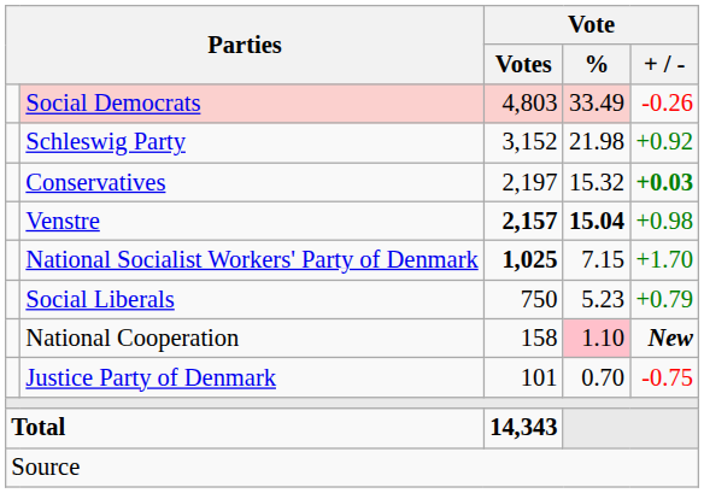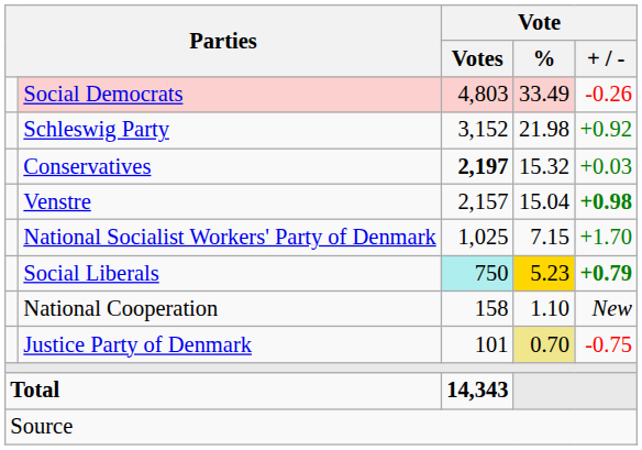 <table class="wikitable" style="text-align:right;">
 <tr>
 <th style="text-align:centre;" rowspan="2" colspan="2" width="225">Parties</th>
 <th colspan="3">Vote</th>
 </tr>
 <tr>
 <th width="15">Votes</th>
 <th width="15">%</th>
 <th width="15">+ / -</th>
 </tr>
 <tr>
 <td width="2" style="color:inherit;background:"></td>
 <td bgcolor=#fbd0ce  align="left"><a href='#'>Social Democrats</a></td>
 <td bgcolor=#fbd0ce>4,803</td>
 <td bgcolor=#fbd0ce>33.49</td>
 <td style=color:red;>-0.26</td>
 </tr>
 <tr>
 <td width="2" style="color:inherit;background:"></td>
 <td align="left"><a href='#'>Schleswig Party</a></td>
 <td>3,152</td>
 <td>21.98</td>
 <td style=color:green;>+0.92</td>
 </tr>
 <tr>
 <td width="2" style="color:inherit;background:"></td>
 <td align="left"><a href='#'>Conservatives</a></td>
-<td>2,197</td>
+<td><strong>2,197</strong></td>
 <td>15.32</td>
-<td style=color:green;><strong>+0.03</strong></td>
+<td style=color:green;>+0.03</td>
 </tr>
 <tr>
 <td width="2" style="color:inherit;background:"></td>
 <td align="left"><a href='#'>Venstre</a></td>
-<td><strong>2,157</strong></td>
-<td><strong>15.04</strong></td>
-<td style=color:green;>+0.98</td>
+<td>2,157</td>
+<td>15.04</td>
+<td style=color:green;><strong>+0.98</strong></td>
 </tr>
 <tr>
 <td width="2" style="color:inherit;background:"></td>
 <td align="left"><a href='#'>National Socialist Workers' Party of Denmark</a></td>
-<td><strong>1,025</strong></td>
+<td>1,025</td>
 <td>7.15</td>
 <td style=color:green;>+1.70</td>
 </tr>
 <tr>
 <td width="2" style="color:inherit;background:"></td>
 <td align="left"><a href='#'>Social Liberals</a></td>
-<td>750</td>
-<td>5.23</td>
-<td style=color:green;>+0.79</td>
+<td style="background: paleturquoise;">750</td>
+<td style="background: gold;">5.23</td>
+<td style=color:green;><strong>+0.79</strong></td>
 </tr>
 <tr>
 <td width="2" style="color:inherit;background:"></td>
 <td align="left">National Cooperation</td>
 <td>158</td>
-<td style="background: pink;">1.10</td>
-<td><strong><em>New</em></strong></td>
+<td>1.10</td>
+<td><em>New</em></td>
 </tr>
 <tr>
 <td width="2" style="color:inherit;background:"></td>
 <td align="left"><a href='#'>Justice Party of Denmark</a></td>
 <td>101</td>
-<td>0.70</td>
+<td style="background: khaki;">0.70</td>
 <td style=color:red;>-0.75</td>
 </tr>
 <tr>
 <td colspan="7" bgcolor="#E9E9E9"></td>
 </tr>
 <tr>
 <td align="left" colspan="2"><strong>Total</strong></td>
 <td><strong>14,343</strong></td>
 <td bgcolor="#E9E9E9" colspan="2"></td>
 </tr>
 <tr>
 <td align="left" colspan="6">Source</td>
 </tr>
 </table>
